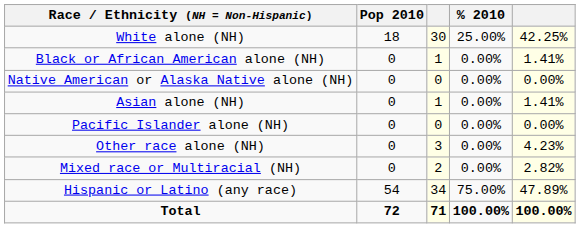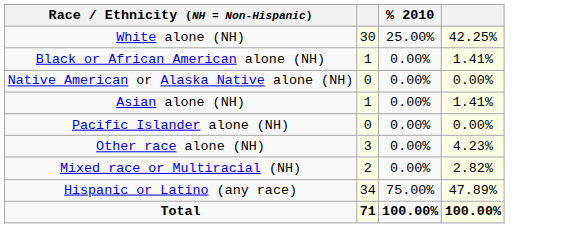 <table class="wikitable" style="text-align:center;">
 <tr>
 <th>Race / Ethnicity <small>(<em>NH = Non-Hispanic</em>)</small></th>
-<th>Pop 2010</th>
 <th></th>
 <th>% 2010</th>
 <th></th>
 </tr>
 <tr>
 <td><a href='#'>White</a> alone (NH)</td>
-<td>18</td>
 <td style='background: #ffffe6;'>30</td>
 <td>25.00%</td>
 <td style='background: #ffffe6;'>42.25%</td>
 </tr>
 <tr>
 <td><a href='#'>Black or African American</a> alone (NH)</td>
-<td>0</td>
 <td style='background: #ffffe6;'>1</td>
 <td>0.00%</td>
 <td style='background: #ffffe6;'>1.41%</td>
 </tr>
 <tr>
 <td><a href='#'>Native American</a> or <a href='#'>Alaska Native</a> alone (NH)</td>
-<td>0</td>
 <td style='background: #ffffe6;'>0</td>
 <td>0.00%</td>
 <td style='background: #ffffe6;'>0.00%</td>
 </tr>
 <tr>
 <td><a href='#'>Asian</a> alone (NH)</td>
-<td>0</td>
 <td style='background: #ffffe6;'>1</td>
 <td>0.00%</td>
 <td style='background: #ffffe6;'>1.41%</td>
 </tr>
 <tr>
 <td><a href='#'>Pacific Islander</a> alone (NH)</td>
-<td>0</td>
 <td style='background: #ffffe6;'>0</td>
 <td>0.00%</td>
 <td style='background: #ffffe6;'>0.00%</td>
 </tr>
 <tr>
 <td><a href='#'>Other race</a> alone (NH)</td>
-<td>0</td>
 <td style='background: #ffffe6;'>3</td>
 <td>0.00%</td>
 <td style='background: #ffffe6;'>4.23%</td>
 </tr>
 <tr>
 <td><a href='#'>Mixed race or Multiracial</a> (NH)</td>
-<td>0</td>
 <td style='background: #ffffe6;'>2</td>
 <td>0.00%</td>
 <td style='background: #ffffe6;'>2.82%</td>
 </tr>
 <tr>
 <td><a href='#'>Hispanic or Latino</a> (any race)</td>
-<td>54</td>
 <td style='background: #ffffe6;'>34</td>
 <td>75.00%</td>
 <td style='background: #ffffe6;'>47.89%</td>
 </tr>
 <tr>
 <td><strong>Total</strong></td>
-<td><strong>72</strong></td>
 <td style='background: #ffffe6;'><strong>71</strong></td>
 <td><strong>100.00%</strong></td>
 <td style='background: #ffffe6;'><strong>100.00%</strong></td>
 </tr>
 </table>
